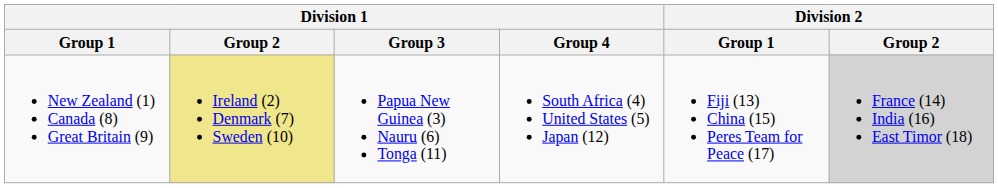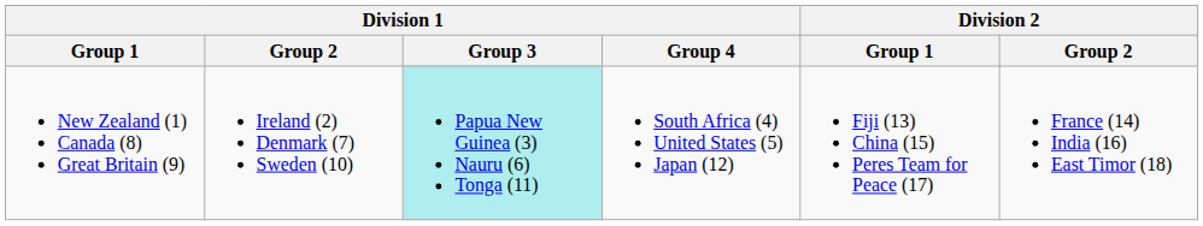 <table class="wikitable" style="width:1000px;">
 <tr>
 <th colspan=4>Division 1</th>
 <th colspan=6>Division 2</th>
 </tr>
 <tr>
 <th width=16%>Group 1</th>
 <th width=16%>Group 2</th>
 <th width=16%>Group 3</th>
 <th width=16%>Group 4</th>
 <th width=16%>Group 1</th>
 <th width=16%>Group 2</th>
 </tr>
 <tr style="vertical-align: top;">
 <td><br><ul><li> <a href='#'>New Zealand</a> (1)</li><li> <a href='#'>Canada</a> (8)</li><li> <a href='#'>Great Britain</a> (9)</li></ul></td>
-<td style="background: khaki;"><br><ul><li> <a href='#'>Ireland</a> (2)</li><li> <a href='#'>Denmark</a> (7)</li><li> <a href='#'>Sweden</a> (10)</li></ul></td>
-<td><br><ul><li> <a href='#'>Papua New Guinea</a> (3)</li><li> <a href='#'>Nauru</a> (6)</li><li> <a href='#'>Tonga</a> (11)</li></ul></td>
+<td><br><ul><li> <a href='#'>Ireland</a> (2)</li><li> <a href='#'>Denmark</a> (7)</li><li> <a href='#'>Sweden</a> (10)</li></ul></td>
+<td style="background: paleturquoise;"><br><ul><li> <a href='#'>Papua New Guinea</a> (3)</li><li> <a href='#'>Nauru</a> (6)</li><li> <a href='#'>Tonga</a> (11)</li></ul></td>
 <td><br><ul><li> <a href='#'>South Africa</a> (4)</li><li> <a href='#'>United States</a> (5)</li><li> <a href='#'>Japan</a> (12)</li></ul></td>
 <td><br><ul><li> <a href='#'>Fiji</a> (13)</li><li> <a href='#'>China</a> (15)</li><li> <a href='#'>Peres Team for Peace</a> (17)</li></ul></td>
-<td style="background: lightgrey;"><br><ul><li> <a href='#'>France</a> (14)</li><li> <a href='#'>India</a> (16)</li><li> <a href='#'>East Timor</a> (18)</li></ul></td>
+<td><br><ul><li> <a href='#'>France</a> (14)</li><li> <a href='#'>India</a> (16)</li><li> <a href='#'>East Timor</a> (18)</li></ul></td>
 </tr>
 </table>
